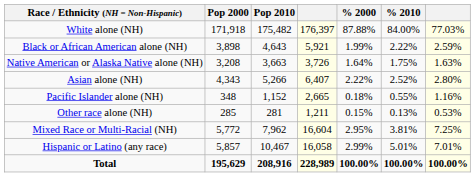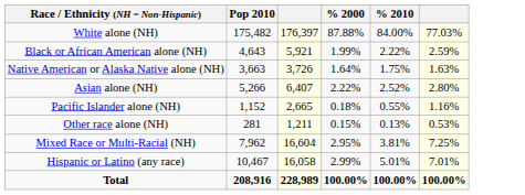 <table class="wikitable" style="text-align:center;">
 <tr>
 <th>Race / Ethnicity <small>(<em>NH = Non-Hispanic</em>)</small></th>
-<th>Pop 2000</th>
 <th>Pop 2010</th>
 <th></th>
 <th>% 2000</th>
 <th>% 2010</th>
 <th></th>
 </tr>
 <tr>
 <td><a href='#'>White</a> alone (NH)</td>
-<td>171,918</td>
 <td>175,482</td>
 <td style='background: #ffffe6;'>176,397</td>
 <td>87.88%</td>
 <td>84.00%</td>
 <td style='background: #ffffe6;'>77.03%</td>
 </tr>
 <tr>
 <td><a href='#'>Black or African American</a> alone (NH)</td>
-<td>3,898</td>
 <td>4,643</td>
 <td style='background: #ffffe6;'>5,921</td>
 <td>1.99%</td>
 <td>2.22%</td>
 <td style='background: #ffffe6;'>2.59%</td>
 </tr>
 <tr>
 <td><a href='#'>Native American</a> or <a href='#'>Alaska Native</a> alone (NH)</td>
-<td>3,208</td>
 <td>3,663</td>
 <td style='background: #ffffe6;'>3,726</td>
 <td>1.64%</td>
 <td>1.75%</td>
 <td style='background: #ffffe6;'>1.63%</td>
 </tr>
 <tr>
 <td><a href='#'>Asian</a> alone (NH)</td>
-<td>4,343</td>
 <td>5,266</td>
 <td style='background: #ffffe6;'>6,407</td>
 <td>2.22%</td>
 <td>2.52%</td>
 <td style='background: #ffffe6;'>2.80%</td>
 </tr>
 <tr>
 <td><a href='#'>Pacific Islander</a> alone (NH)</td>
-<td>348</td>
 <td>1,152</td>
 <td style='background: #ffffe6;'>2,665</td>
 <td>0.18%</td>
 <td>0.55%</td>
 <td style='background: #ffffe6;'>1.16%</td>
 </tr>
 <tr>
 <td><a href='#'>Other race</a> alone (NH)</td>
-<td>285</td>
 <td>281</td>
 <td style='background: #ffffe6;'>1,211</td>
 <td>0.15%</td>
 <td>0.13%</td>
 <td style='background: #ffffe6;'>0.53%</td>
 </tr>
 <tr>
 <td><a href='#'>Mixed Race or Multi-Racial</a> (NH)</td>
-<td>5,772</td>
 <td>7,962</td>
 <td style='background: #ffffe6;'>16,604</td>
 <td>2.95%</td>
 <td>3.81%</td>
 <td style='background: #ffffe6;'>7.25%</td>
 </tr>
 <tr>
 <td><a href='#'>Hispanic or Latino</a> (any race)</td>
-<td>5,857</td>
 <td>10,467</td>
 <td style='background: #ffffe6;'>16,058</td>
 <td>2.99%</td>
 <td>5.01%</td>
 <td style='background: #ffffe6;'>7.01%</td>
 </tr>
 <tr>
 <td><strong>Total</strong></td>
-<td><strong>195,629</strong></td>
 <td><strong>208,916</strong></td>
 <td style='background: #ffffe6;'><strong>228,989</strong></td>
 <td><strong>100.00%</strong></td>
 <td><strong>100.00%</strong></td>
 <td style='background: #ffffe6;'><strong>100.00%</strong></td>
 </tr>
 </table>
